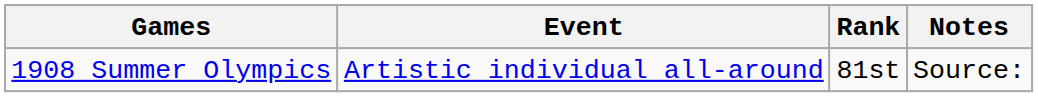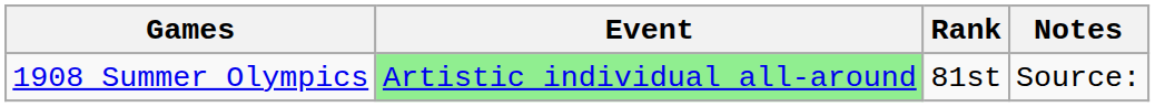 <table class="wikitable" style=" text-align:center;">
 <tr>
 <th>Games</th>
 <th>Event</th>
 <th>Rank</th>
 <th>Notes</th>
 </tr>
 <tr>
 <td><a href='#'>1908 Summer Olympics</a></td>
-<td><a href='#'>Artistic individual all-around</a></td>
+<td style="background: lightgreen;"><a href='#'>Artistic individual all-around</a></td>
 <td>81st</td>
 <td>Source: </td>
 </tr>
 </table>
